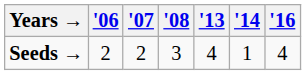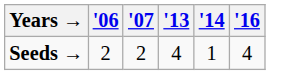 <table class="wikitable" style="text-align:center">
 <tr>
 <th>Years →</th>
 <th><a href='#'>'06</a></th>
 <th><a href='#'>'07</a></th>
-<th><a href='#'>'08</a></th>
 <th><a href='#'>'13</a></th>
 <th><a href='#'>'14</a></th>
 <th><a href='#'>'16</a></th>
 </tr>
 <tr align=center>
 <td align=left><strong>Seeds →</strong></td>
 <td>2</td>
 <td>2</td>
-<td>3</td>
 <td>4</td>
 <td>1</td>
 <td>4</td>
 </tr>
 </table>
